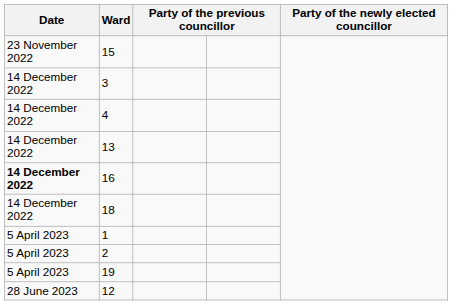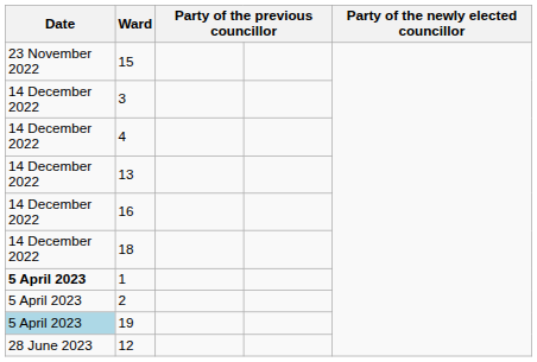 <table class="wikitable">
 <tr>
 <th>Date</th>
 <th>Ward</th>
 <th colspan=2>Party of the previous councillor</th>
 <th colspan=2>Party of the newly elected councillor</th>
 </tr>
 <tr>
 <td>23 November 2022</td>
 <td>15</td>
 <td></td>
 <td></td>
 </tr>
 <tr>
 <td>14 December 2022</td>
 <td>3</td>
 <td></td>
 <td></td>
 </tr>
 <tr>
 <td>14 December 2022</td>
 <td>4</td>
 <td></td>
 <td></td>
 </tr>
 <tr>
 <td>14 December 2022</td>
 <td>13</td>
 <td></td>
 <td></td>
 </tr>
 <tr>
-<td><strong>14 December 2022</strong></td>
+<td>14 December 2022</td>
 <td>16</td>
 <td></td>
 <td></td>
 </tr>
 <tr>
 <td>14 December 2022</td>
 <td>18</td>
 <td></td>
 <td></td>
 </tr>
 <tr>
-<td>5 April 2023</td>
+<td><strong>5 April 2023</strong></td>
 <td>1</td>
 <td></td>
 <td></td>
 </tr>
 <tr>
 <td>5 April 2023</td>
 <td>2</td>
 <td></td>
 <td></td>
 </tr>
 <tr>
-<td>5 April 2023</td>
+<td style="background: lightblue;">5 April 2023</td>
 <td>19</td>
 <td></td>
 <td></td>
 </tr>
 <tr>
 <td>28 June 2023</td>
 <td>12</td>
 <td></td>
 <td></td>
 </tr>
 </table>
